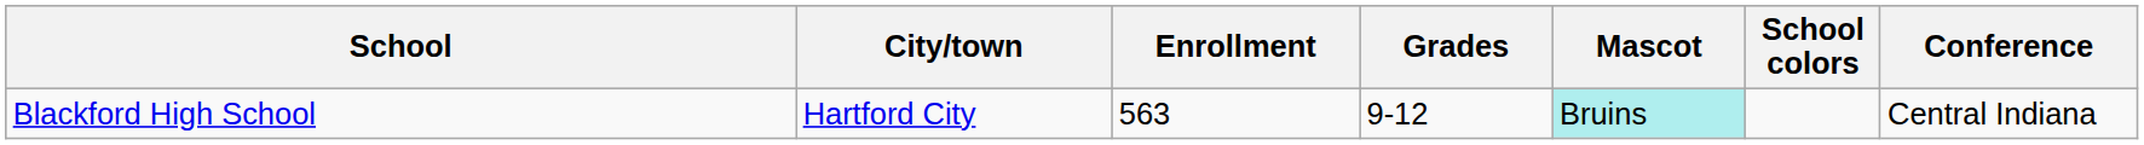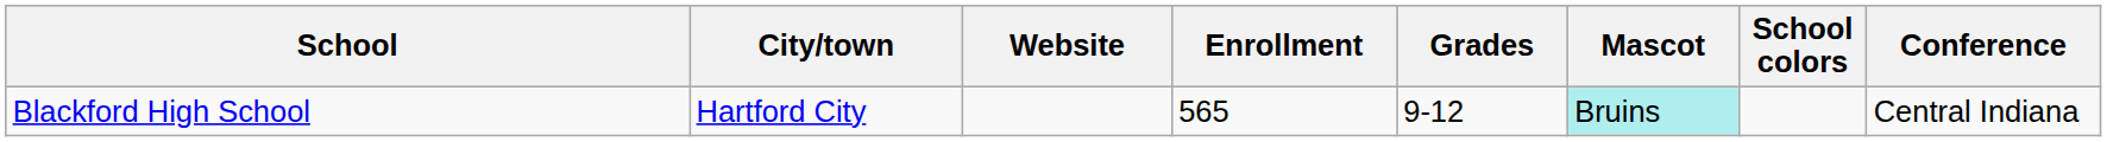 <table class="wikitable sortable" width="70%">
 <tr>
 <th width="20%">School</th>
 <th width="08%">City/town</th>
+<th width="06%">Website</th>
 <th width="04%">Enrollment</th>
 <th width="04%">Grades</th>
 <th width="04%">Mascot</th>
 <th width=01%>School colors</th>
 <th width="04%">Conference</th>
 </tr>
 <tr>
 <td><a href='#'>Blackford High School</a></td>
 <td><a href='#'>Hartford City</a></td>
-<td>563</td>
+<td></td>
+<td>565</td>
 <td>9-12</td>
 <td style="background: paleturquoise;">Bruins</td>
 <td>  </td>
 <td>Central Indiana</td>
 </tr>
 </table>
